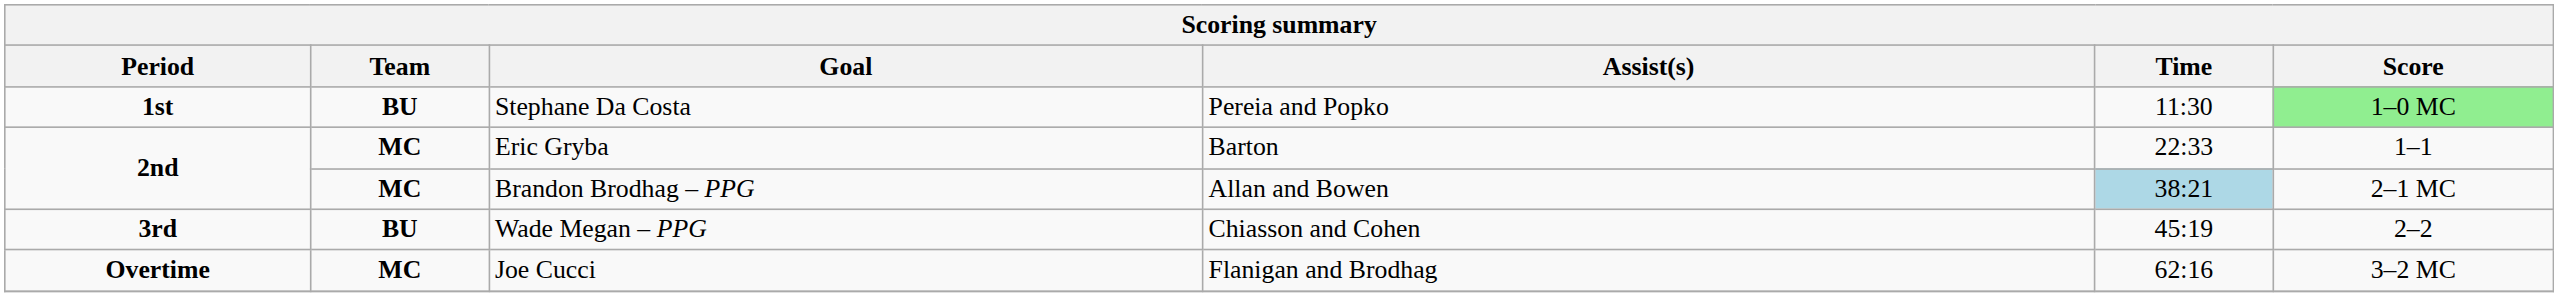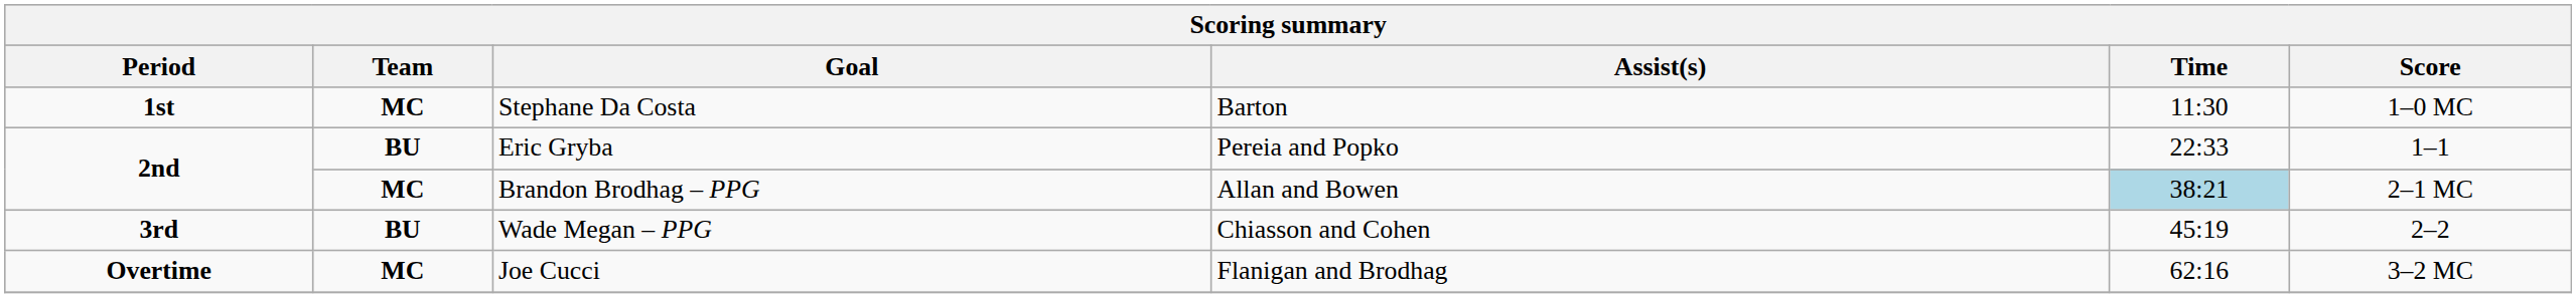 <table style="width:100%;" class="wikitable">
 <tr>
 <th colspan=6>Scoring summary</th>
 </tr>
 <tr>
 <th style="width:12%;">Period</th>
 <th style="width:7%;">Team</th>
 <th style="width:28%;">Goal</th>
 <th style="width:35%;">Assist(s)</th>
 <th style="width:7%;">Time</th>
 <th style="width:11%;">Score</th>
 </tr>
 <tr>
 <td style="text-align:center;" rowspan="1"><strong>1st</strong></td>
-<td align=center><strong>BU</strong></td>
+<td align=center><strong>MC</strong></td>
 <td>Stephane Da Costa</td>
-<td>Pereia and Popko</td>
+<td>Barton</td>
 <td align=center>11:30</td>
-<td align=center style="background: lightgreen;">1–0 MC</td>
+<td align=center>1–0 MC</td>
 </tr>
 <tr>
 <td style="text-align:center;" rowspan="2"><strong>2nd</strong></td>
-<td align=center><strong>MC</strong></td>
+<td align=center><strong>BU</strong></td>
 <td>Eric Gryba</td>
-<td>Barton</td>
+<td>Pereia and Popko</td>
 <td align=center>22:33</td>
 <td align=center>1–1</td>
 </tr>
 <tr>
 <td align=center><strong>MC</strong></td>
 <td>Brandon Brodhag – <em>PPG</em></td>
 <td>Allan and Bowen</td>
 <td align=center style="background: lightblue;">38:21</td>
 <td align=center>2–1 MC</td>
 </tr>
 <tr>
 <td style="text-align:center;" rowspan="1"><strong>3rd</strong></td>
 <td align=center><strong>BU</strong></td>
 <td>Wade Megan – <em>PPG</em></td>
 <td>Chiasson and Cohen</td>
 <td align=center>45:19</td>
 <td align=center>2–2</td>
 </tr>
 <tr>
 <td style="text-align:center;" rowspan="1"><strong>Overtime</strong></td>
 <td align=center><strong>MC</strong></td>
 <td>Joe Cucci</td>
 <td>Flanigan and Brodhag</td>
 <td align=center>62:16</td>
 <td align=center>3–2 MC</td>
 </tr>
 <tr>
 </tr>
 </table>
